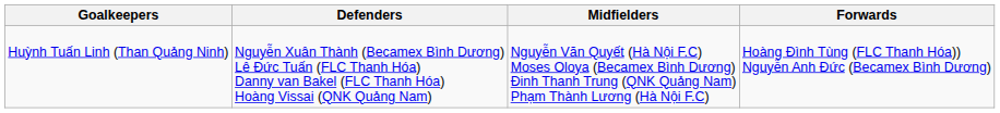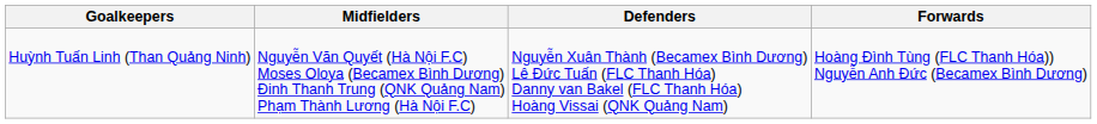 <table class="wikitable" style="mArgin: 0 auto;">
 <tr>
 <th>Goalkeepers</th>
+<th>Midfielders</th>
 <th>Defenders</th>
-<th>Midfielders</th>
 <th>Forwards</th>
 </tr>
 <tr>
 <td valign=top><br> <a href='#'>Huỳnh Tuấn Linh</a> (<a href='#'>Than Quảng Ninh</a>)</td>
+<td valign=top><br> <a href='#'>Nguyễn Văn Quyết</a> (<a href='#'>Hà Nội F.C</a>)<br>  <a href='#'>Moses Oloya</a> (<a href='#'>Becamex Bình Dương</a>)<br>  <a href='#'>Đinh Thanh Trung</a> (<a href='#'>QNK Quảng Nam</a>)<br>  <a href='#'>Phạm Thành Lương</a> (<a href='#'>Hà Nội F.C</a>)</td>
 <td valign=top><br> <a href='#'>Nguyễn Xuân Thành</a> (<a href='#'>Becamex Bình Dương</a>)<br>  <a href='#'>Lê Đức Tuấn</a> (<a href='#'>FLC Thanh Hóa</a>)<br>  <a href='#'>Danny van Bakel</a> (<a href='#'>FLC Thanh Hóa</a>)<br>  <a href='#'>Hoàng Vissai</a> (<a href='#'>QNK Quảng Nam</a>)</td>
-<td valign=top><br> <a href='#'>Nguyễn Văn Quyết</a> (<a href='#'>Hà Nội F.C</a>)<br>  <a href='#'>Moses Oloya</a> (<a href='#'>Becamex Bình Dương</a>)<br>  <a href='#'>Đinh Thanh Trung</a> (<a href='#'>QNK Quảng Nam</a>)<br>  <a href='#'>Phạm Thành Lương</a> (<a href='#'>Hà Nội F.C</a>)</td>
 <td valign=top><br> <a href='#'>Hoàng Đình Tùng</a> (<a href='#'>FLC Thanh Hóa</a>))<br>  <a href='#'>Nguyễn Anh Đức</a> (<a href='#'>Becamex Bình Dương</a>)</td>
 </tr>
 </table>
